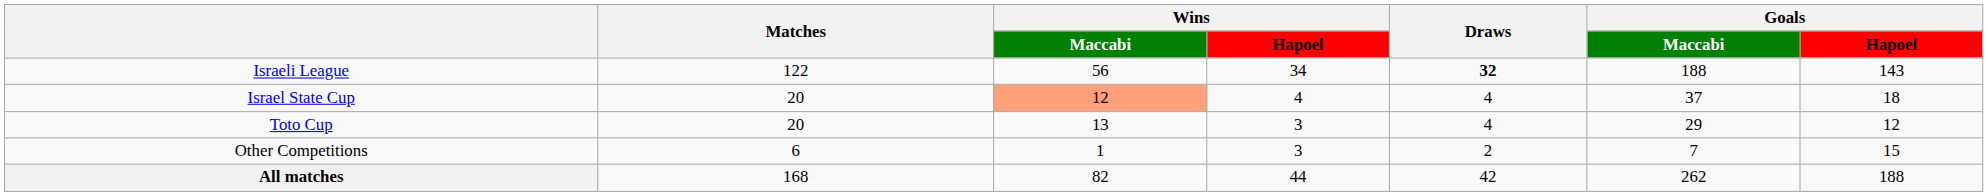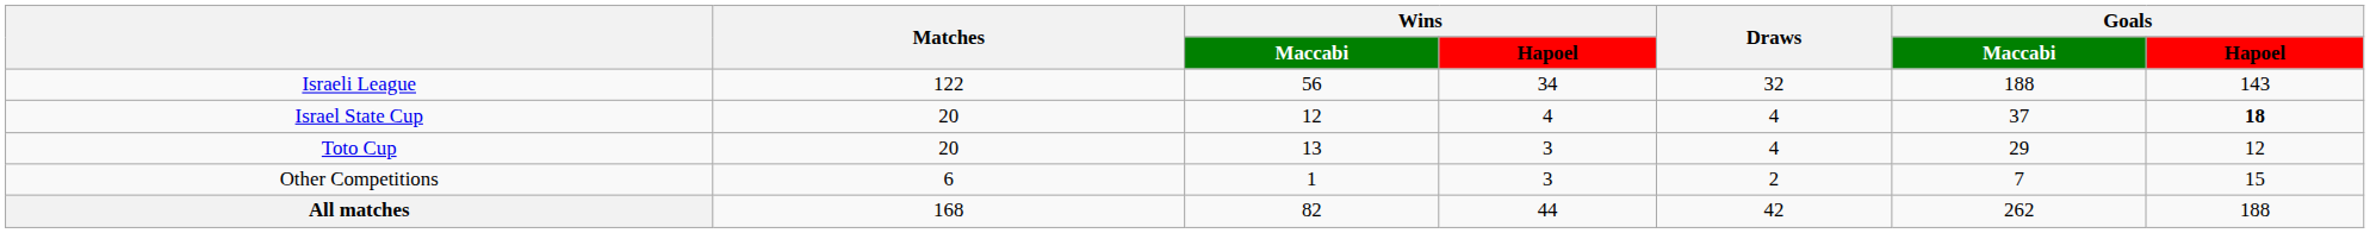 <table class="wikitable sortable" style="text-align:center; width:95%;">
 <tr>
 <th rowspan="2"  style="width:15%;"></th>
 <th rowspan="2"  style="width:10%;">Matches</th>
 <th colspan="2"  style="width:10%;">Wins</th>
 <th rowspan="2"  style="width:5%;">Draws</th>
 <th colspan="2"  style="width:10%;">Goals</th>
 </tr>
 <tr>
 <th style="color:#FFFFFF; background-color:#008000;">Maccabi</th>
 <th style="color:#000000; background-color:#FF0000;">Hapoel</th>
 <th style="color:#FFFFFF; background-color:#008000;">Maccabi</th>
 <th style="color:#000000; background-color:#FF0000;">Hapoel</th>
 </tr>
 <tr>
 <td scope=row><a href='#'>Israeli League</a></td>
 <td>122</td>
 <td>56</td>
 <td>34</td>
-<td><strong>32</strong></td>
+<td>32</td>
 <td>188</td>
 <td>143</td>
 </tr>
 <tr>
 <td scope=row><a href='#'>Israel State Cup</a></td>
 <td>20</td>
-<td style="background: lightsalmon;">12</td>
+<td>12</td>
 <td>4</td>
 <td>4</td>
 <td>37</td>
-<td>18</td>
+<td><strong>18</strong></td>
 </tr>
 <tr>
 <td scope=row><a href='#'>Toto Cup</a></td>
 <td>20</td>
 <td>13</td>
 <td>3</td>
 <td>4</td>
 <td>29</td>
 <td>12</td>
 </tr>
 <tr>
 <td scope=row>Other Competitions</td>
 <td>6</td>
 <td>1</td>
 <td>3</td>
 <td>2</td>
 <td>7</td>
 <td>15</td>
 </tr>
 <tr>
 <th scope=row>All matches</th>
 <td>168</td>
 <td>82</td>
 <td>44</td>
 <td>42</td>
 <td>262</td>
 <td>188</td>
 </tr>
 </table>
